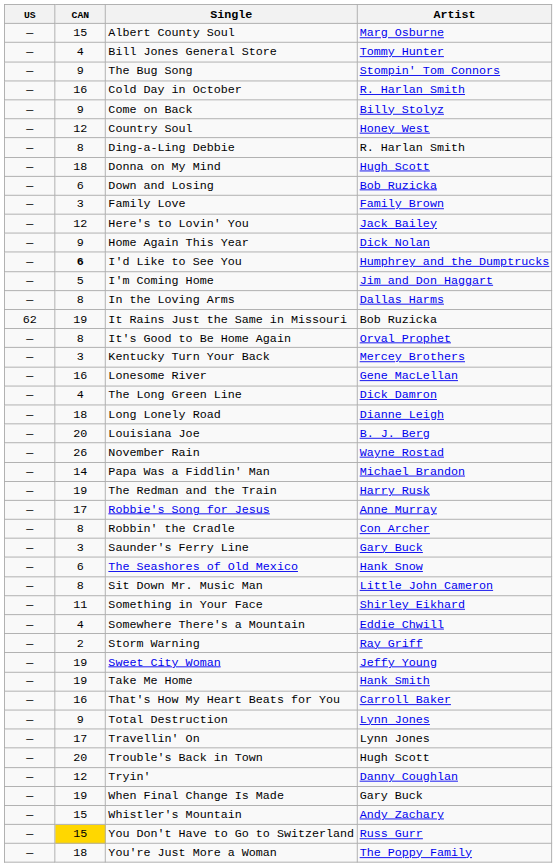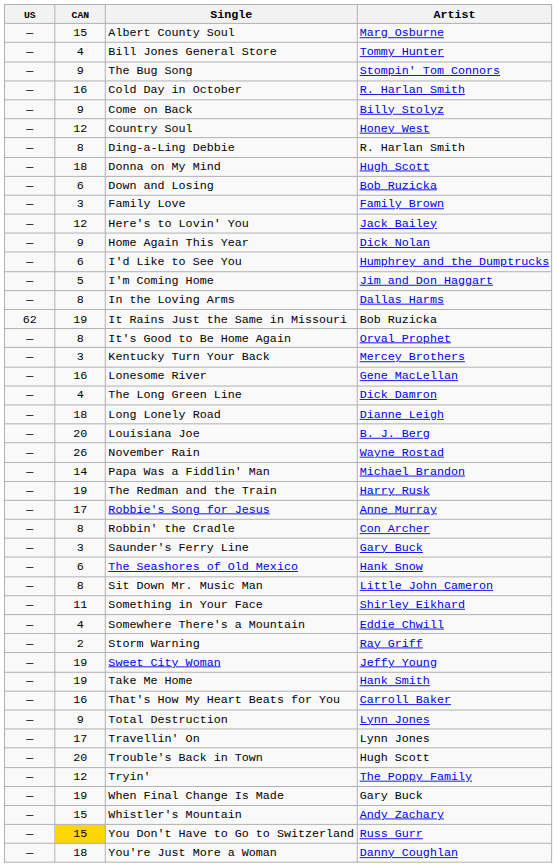 <table class="wikitable sortable">
 <tr>
 <th width="50"><small>US</small></th>
 <th width="50"><small>CAN</small></th>
 <th>Single</th>
 <th>Artist</th>
 </tr>
 <tr>
 <td align="center">—</td>
 <td align="center">15</td>
 <td>Albert County Soul</td>
 <td><a href='#'>Marg Osburne</a></td>
 </tr>
 <tr>
 <td align="center">—</td>
 <td align="center">4</td>
 <td>Bill Jones General Store</td>
 <td><a href='#'>Tommy Hunter</a></td>
 </tr>
 <tr>
 <td align="center">—</td>
 <td align="center">9</td>
 <td>The Bug Song</td>
 <td><a href='#'>Stompin' Tom Connors</a></td>
 </tr>
 <tr>
 <td align="center">—</td>
 <td align="center">16</td>
 <td>Cold Day in October</td>
 <td><a href='#'>R. Harlan Smith</a></td>
 </tr>
 <tr>
 <td align="center">—</td>
 <td align="center">9</td>
 <td>Come on Back</td>
 <td><a href='#'>Billy Stolyz</a></td>
 </tr>
 <tr>
 <td align="center">—</td>
 <td align="center">12</td>
 <td>Country Soul</td>
 <td><a href='#'>Honey West</a></td>
 </tr>
 <tr>
 <td align="center">—</td>
 <td align="center">8</td>
 <td>Ding-a-Ling Debbie</td>
 <td>R. Harlan Smith</td>
 </tr>
 <tr>
 <td align="center">—</td>
 <td align="center">18</td>
 <td>Donna on My Mind</td>
 <td><a href='#'>Hugh Scott</a></td>
 </tr>
 <tr>
 <td align="center">—</td>
 <td align="center">6</td>
 <td>Down and Losing</td>
 <td><a href='#'>Bob Ruzicka</a></td>
 </tr>
 <tr>
 <td align="center">—</td>
 <td align="center">3</td>
 <td>Family Love</td>
 <td><a href='#'>Family Brown</a></td>
 </tr>
 <tr>
 <td align="center">—</td>
 <td align="center">12</td>
 <td>Here's to Lovin' You</td>
 <td><a href='#'>Jack Bailey</a></td>
 </tr>
 <tr>
 <td align="center">—</td>
 <td align="center">9</td>
 <td>Home Again This Year</td>
 <td><a href='#'>Dick Nolan</a></td>
 </tr>
 <tr>
 <td align="center">—</td>
-<td align="center"><strong>6</strong></td>
+<td align="center">6</td>
 <td>I'd Like to See You</td>
 <td><a href='#'>Humphrey and the Dumptrucks</a></td>
 </tr>
 <tr>
 <td align="center">—</td>
 <td align="center">5</td>
 <td>I'm Coming Home</td>
 <td><a href='#'>Jim and Don Haggart</a></td>
 </tr>
 <tr>
 <td align="center">—</td>
 <td align="center">8</td>
 <td>In the Loving Arms</td>
 <td><a href='#'>Dallas Harms</a></td>
 </tr>
 <tr>
 <td align="center">62</td>
 <td align="center">19</td>
 <td>It Rains Just the Same in Missouri</td>
 <td>Bob Ruzicka</td>
 </tr>
 <tr>
 <td align="center">—</td>
 <td align="center">8</td>
 <td>It's Good to Be Home Again</td>
 <td><a href='#'>Orval Prophet</a></td>
 </tr>
 <tr>
 <td align="center">—</td>
 <td align="center">3</td>
 <td>Kentucky Turn Your Back</td>
 <td><a href='#'>Mercey Brothers</a></td>
 </tr>
 <tr>
 <td align="center">—</td>
 <td align="center">16</td>
 <td>Lonesome River</td>
 <td><a href='#'>Gene MacLellan</a></td>
 </tr>
 <tr>
 <td align="center">—</td>
 <td align="center">4</td>
 <td>The Long Green Line</td>
 <td><a href='#'>Dick Damron</a></td>
 </tr>
 <tr>
 <td align="center">—</td>
 <td align="center">18</td>
 <td>Long Lonely Road</td>
 <td><a href='#'>Dianne Leigh</a></td>
 </tr>
 <tr>
 <td align="center">—</td>
 <td align="center">20</td>
 <td>Louisiana Joe</td>
 <td><a href='#'>B. J. Berg</a></td>
 </tr>
 <tr>
 <td align="center">—</td>
 <td align="center">26</td>
 <td>November Rain</td>
 <td><a href='#'>Wayne Rostad</a></td>
 </tr>
 <tr>
 <td align="center">—</td>
 <td align="center">14</td>
 <td>Papa Was a Fiddlin' Man</td>
 <td><a href='#'>Michael Brandon</a></td>
 </tr>
 <tr>
 <td align="center">—</td>
 <td align="center">19</td>
 <td>The Redman and the Train</td>
 <td><a href='#'>Harry Rusk</a></td>
 </tr>
 <tr>
 <td align="center">—</td>
 <td align="center">17</td>
 <td><a href='#'>Robbie's Song for Jesus</a></td>
 <td><a href='#'>Anne Murray</a></td>
 </tr>
 <tr>
 <td align="center">—</td>
 <td align="center">8</td>
 <td>Robbin' the Cradle</td>
 <td><a href='#'>Con Archer</a></td>
 </tr>
 <tr>
 <td align="center">—</td>
 <td align="center">3</td>
 <td>Saunder's Ferry Line</td>
 <td><a href='#'>Gary Buck</a></td>
 </tr>
 <tr>
 <td align="center">—</td>
 <td align="center">6</td>
 <td><a href='#'>The Seashores of Old Mexico</a></td>
 <td><a href='#'>Hank Snow</a></td>
 </tr>
 <tr>
 <td align="center">—</td>
 <td align="center">8</td>
 <td>Sit Down Mr. Music Man</td>
 <td><a href='#'>Little John Cameron</a></td>
 </tr>
 <tr>
 <td align="center">—</td>
 <td align="center">11</td>
 <td>Something in Your Face</td>
 <td><a href='#'>Shirley Eikhard</a></td>
 </tr>
 <tr>
 <td align="center">—</td>
 <td align="center">4</td>
 <td>Somewhere There's a Mountain</td>
 <td><a href='#'>Eddie Chwill</a></td>
 </tr>
 <tr>
 <td align="center">—</td>
 <td align="center">2</td>
 <td>Storm Warning</td>
 <td><a href='#'>Ray Griff</a></td>
 </tr>
 <tr>
 <td align="center">—</td>
 <td align="center">19</td>
 <td><a href='#'>Sweet City Woman</a></td>
 <td><a href='#'>Jeffy Young</a></td>
 </tr>
 <tr>
 <td align="center">—</td>
 <td align="center">19</td>
 <td>Take Me Home</td>
 <td><a href='#'>Hank Smith</a></td>
 </tr>
 <tr>
 <td align="center">—</td>
 <td align="center">16</td>
 <td>That's How My Heart Beats for You</td>
 <td><a href='#'>Carroll Baker</a></td>
 </tr>
 <tr>
 <td align="center">—</td>
 <td align="center">9</td>
 <td>Total Destruction</td>
 <td><a href='#'>Lynn Jones</a></td>
 </tr>
 <tr>
 <td align="center">—</td>
 <td align="center">17</td>
 <td>Travellin' On</td>
 <td>Lynn Jones</td>
 </tr>
 <tr>
 <td align="center">—</td>
 <td align="center">20</td>
 <td>Trouble's Back in Town</td>
 <td>Hugh Scott</td>
 </tr>
 <tr>
 <td align="center">—</td>
 <td align="center">12</td>
 <td>Tryin'</td>
-<td><a href='#'>Danny Coughlan</a></td>
+<td><a href='#'>The Poppy Family</a></td>
 </tr>
 <tr>
 <td align="center">—</td>
 <td align="center">19</td>
 <td>When Final Change Is Made</td>
 <td>Gary Buck</td>
 </tr>
 <tr>
 <td align="center">—</td>
 <td align="center">15</td>
 <td>Whistler's Mountain</td>
 <td><a href='#'>Andy Zachary</a></td>
 </tr>
 <tr>
 <td align="center">—</td>
 <td align="center" style="background: gold;">15</td>
 <td>You Don't Have to Go to Switzerland</td>
 <td><a href='#'>Russ Gurr</a></td>
 </tr>
 <tr>
 <td align="center">—</td>
 <td align="center">18</td>
 <td>You're Just More a Woman</td>
-<td><a href='#'>The Poppy Family</a></td>
+<td><a href='#'>Danny Coughlan</a></td>
 </tr>
 </table>
